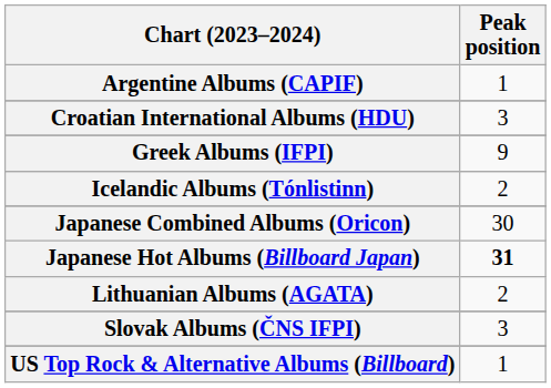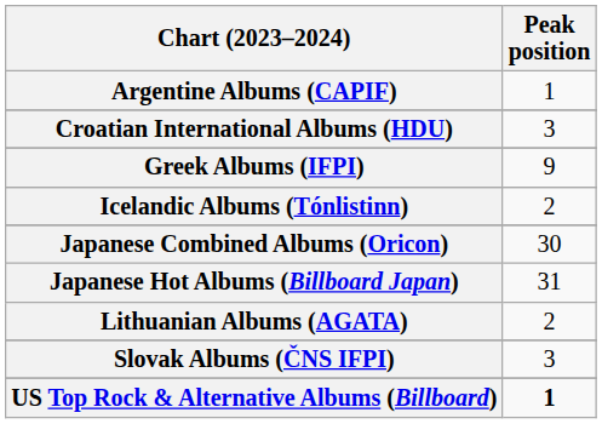 <table class="wikitable sortable plainrowheaders" style="text-align:center">
 <tr>
 <th scope="col">Chart (2023–2024)</th>
 <th scope="col">Peak<br>position</th>
 </tr>
 <tr>
 <th scope="row">Argentine Albums (<a href='#'>CAPIF</a>)</th>
 <td>1</td>
 </tr>
 <tr>
 </tr>
 <tr>
 </tr>
 <tr>
 </tr>
 <tr>
 </tr>
 <tr>
 </tr>
 <tr>
 <th scope="row">Croatian International Albums (<a href='#'>HDU</a>)</th>
 <td>3</td>
 </tr>
 <tr>
 </tr>
 <tr>
 </tr>
 <tr>
 </tr>
 <tr>
 </tr>
 <tr>
 </tr>
 <tr>
 </tr>
 <tr>
 <th scope="row">Greek Albums (<a href='#'>IFPI</a>)</th>
 <td>9</td>
 </tr>
 <tr>
 </tr>
 <tr>
 <th scope="row">Icelandic Albums (<a href='#'>Tónlistinn</a>)</th>
 <td>2</td>
 </tr>
 <tr>
 </tr>
 <tr>
 </tr>
 <tr>
 </tr>
 <tr>
 <th scope="row">Japanese Combined Albums (<a href='#'>Oricon</a>)</th>
 <td>30</td>
 </tr>
 <tr>
 <th scope="row">Japanese Hot Albums (<em><a href='#'>Billboard Japan</a></em>)</th>
-<td><strong>31</strong></td>
+<td>31</td>
 </tr>
 <tr>
 <th scope="row">Lithuanian Albums (<a href='#'>AGATA</a>)</th>
 <td>2</td>
 </tr>
 <tr>
 </tr>
 <tr>
 </tr>
 <tr>
 </tr>
 <tr>
 </tr>
 <tr>
 </tr>
 <tr>
 <th scope="row">Slovak Albums (<a href='#'>ČNS IFPI</a>)</th>
 <td>3</td>
 </tr>
 <tr>
 </tr>
 <tr>
 </tr>
 <tr>
 </tr>
 <tr>
 </tr>
 <tr>
 </tr>
 <tr>
 <th scope="row">US <a href='#'>Top Rock & Alternative Albums</a> (<em><a href='#'>Billboard</a></em>)</th>
-<td>1</td>
+<td><strong>1</strong></td>
 </tr>
 </table>
